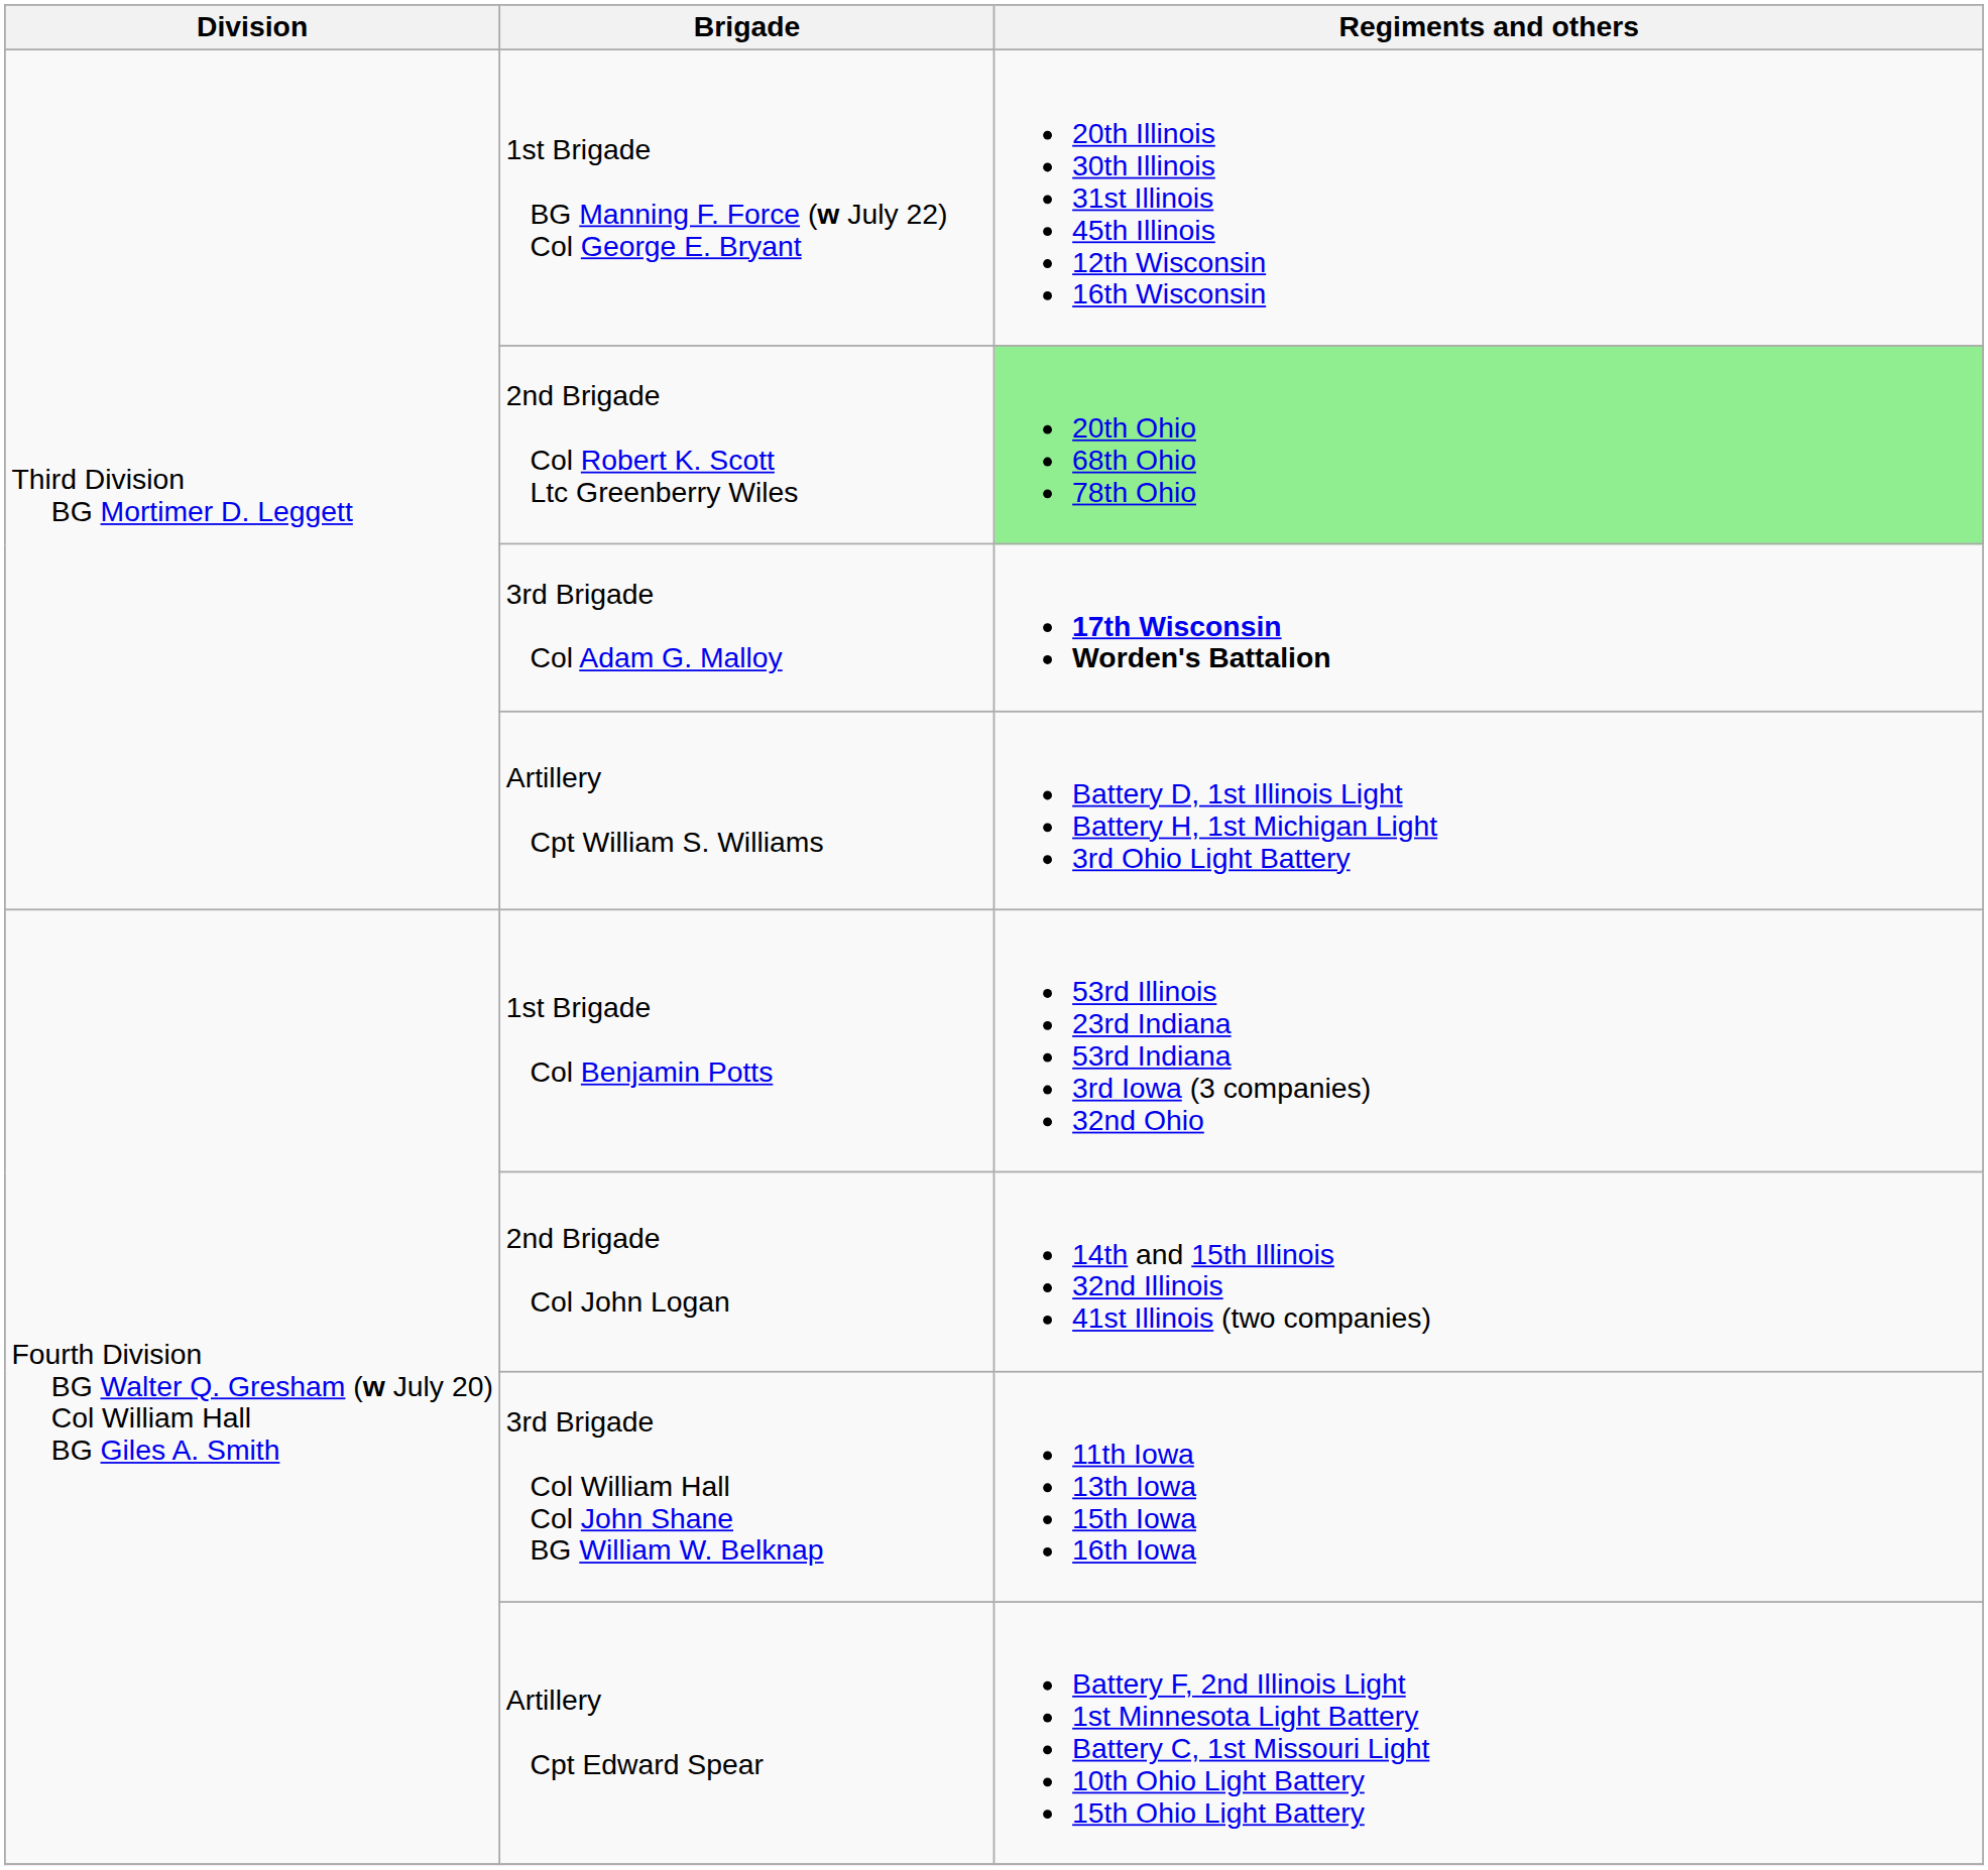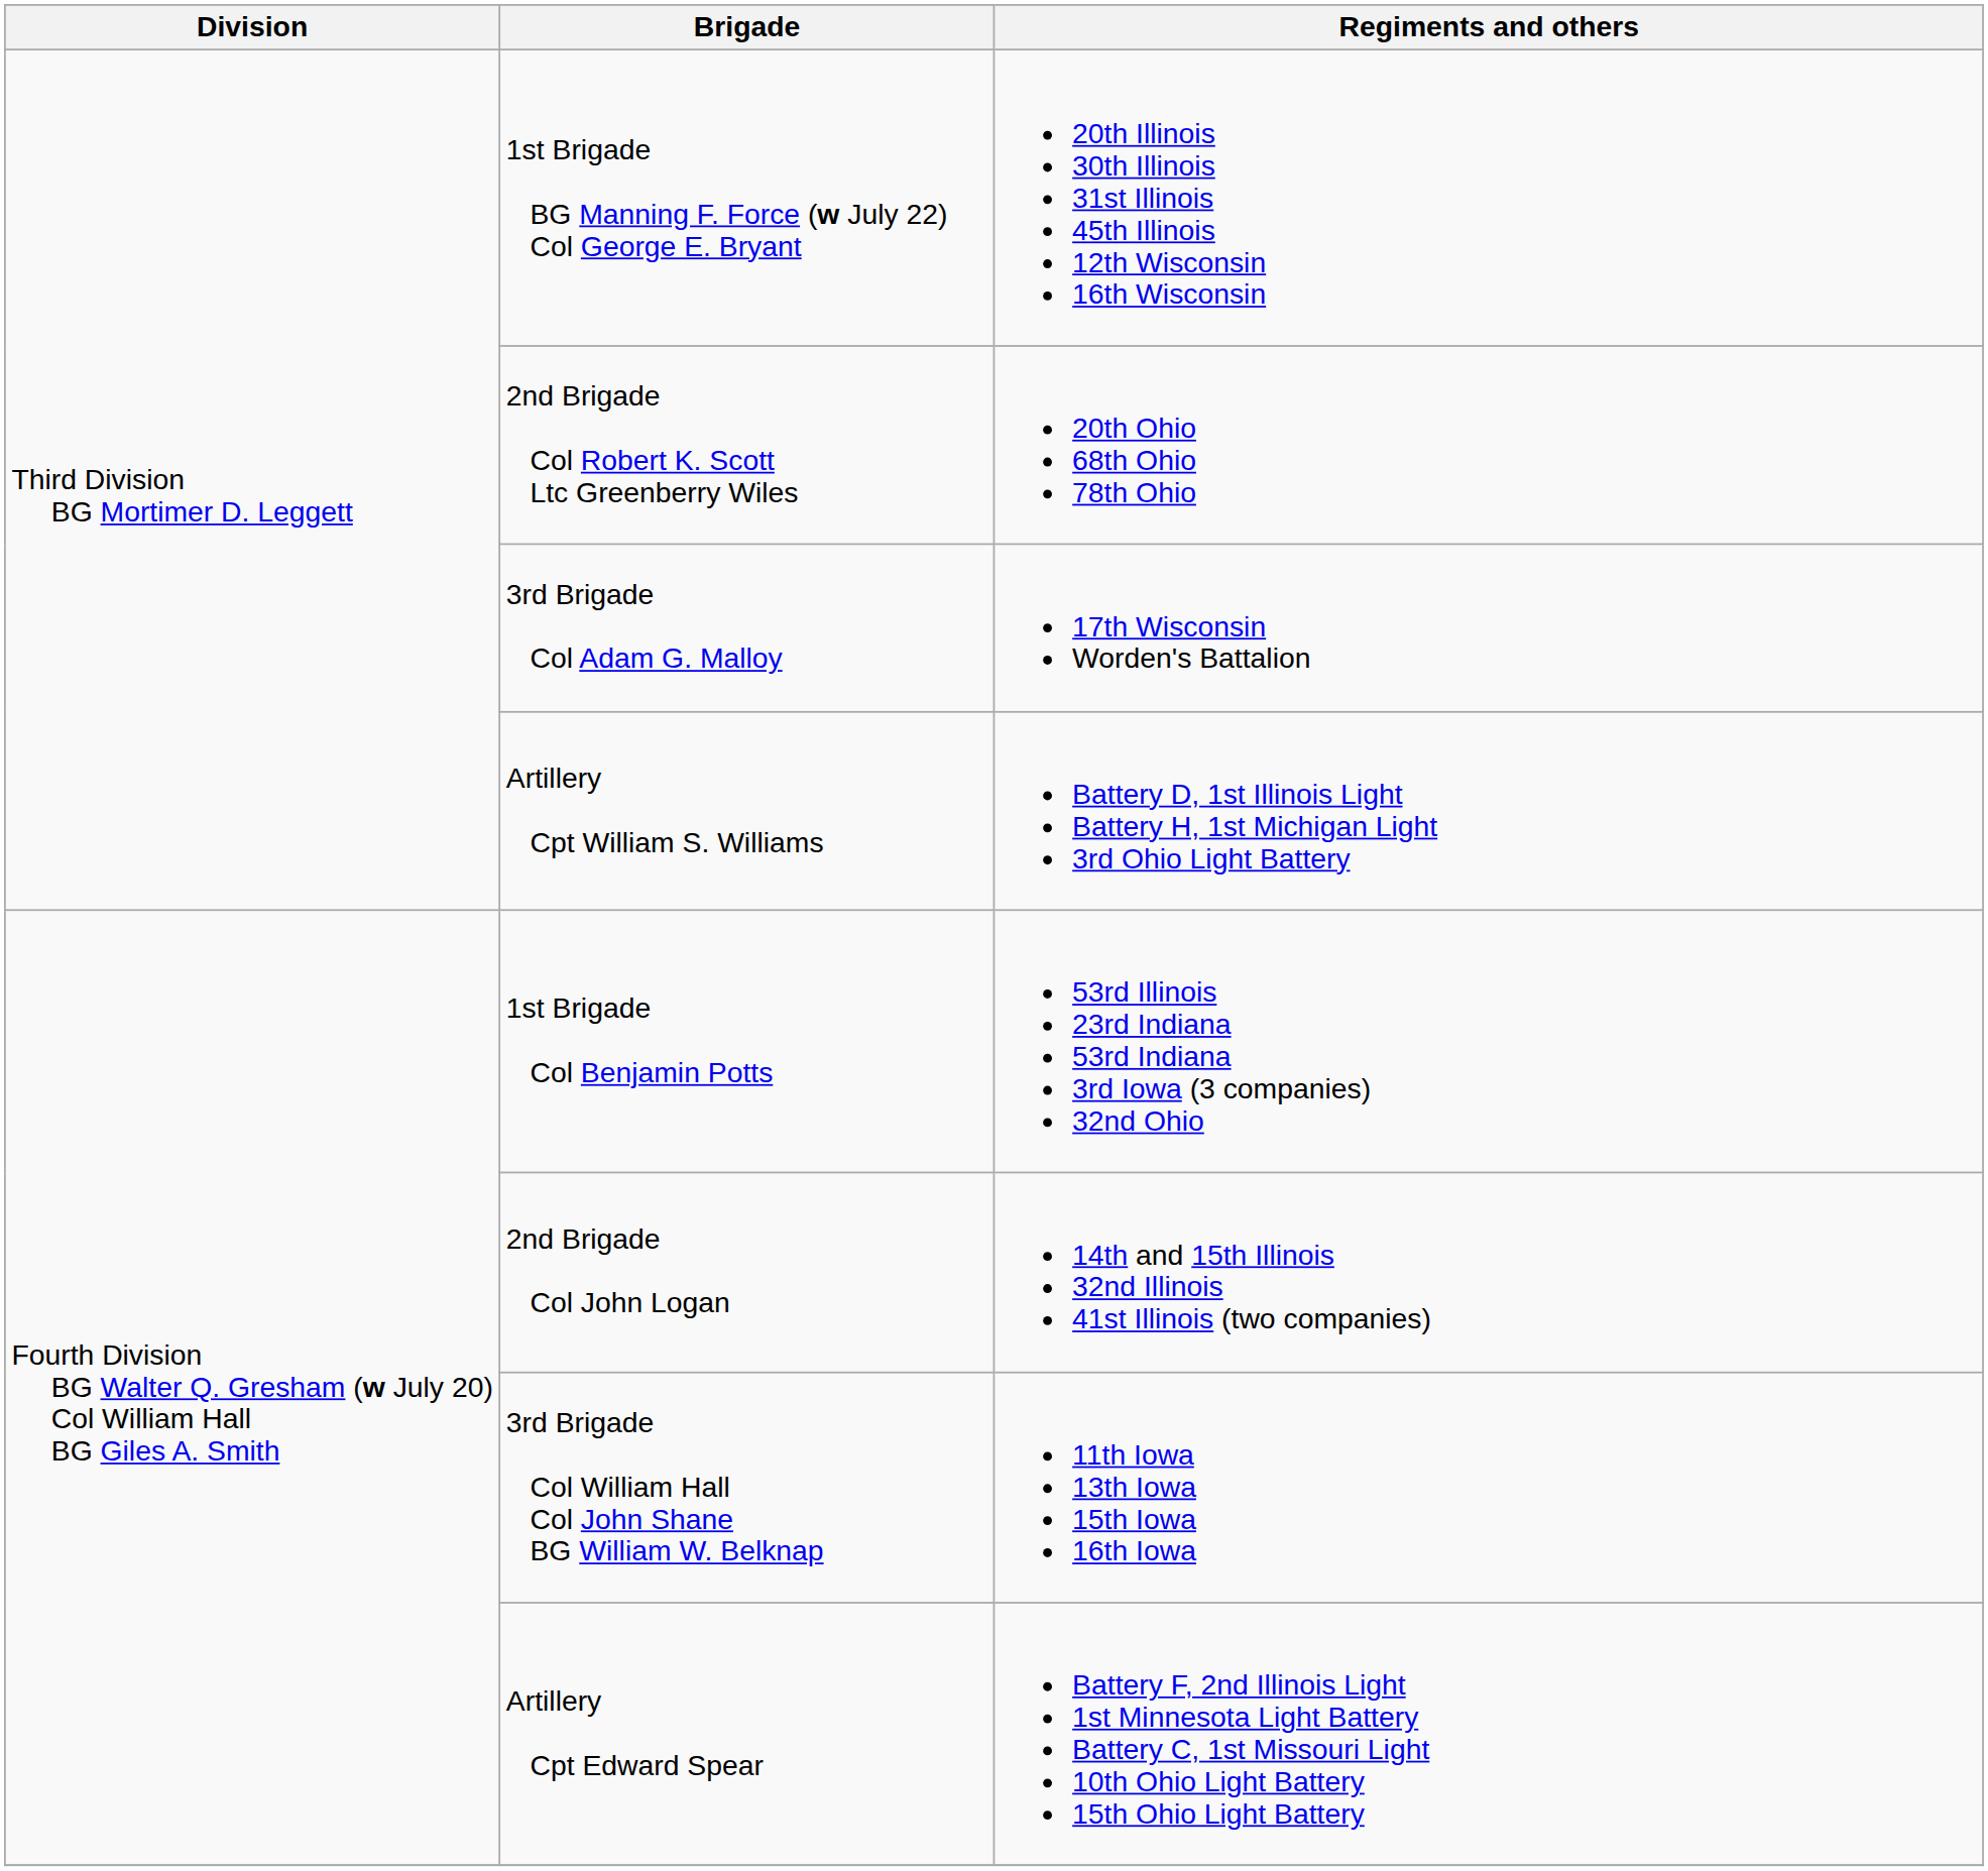 <table class="wikitable">
 <tr>
 <th width=25%>Division</th>
 <th width=25%>Brigade</th>
 <th>Regiments and others</th>
 </tr>
 <tr>
 <td rowspan=4><br>Third Division <br>     BG <a href='#'>Mortimer D. Leggett</a></td>
 <td>1st Brigade<br><br>   BG <a href='#'>Manning F. Force</a> (<strong>w</strong> July 22)<br>   Col <a href='#'>George E. Bryant</a></td>
 <td><br><ul><li><a href='#'>20th Illinois</a></li><li><a href='#'>30th Illinois</a></li><li><a href='#'>31st Illinois</a></li><li><a href='#'>45th Illinois</a></li><li><a href='#'>12th Wisconsin</a></li><li><a href='#'>16th Wisconsin</a></li></ul></td>
 </tr>
 <tr>
 <td>2nd Brigade<br><br>   Col <a href='#'>Robert K. Scott</a><br>   Ltc Greenberry Wiles</td>
-<td style="background: lightgreen;"><br><ul><li><a href='#'>20th Ohio</a></li><li><a href='#'>68th Ohio</a></li><li><a href='#'>78th Ohio</a></li></ul></td>
+<td><br><ul><li><a href='#'>20th Ohio</a></li><li><a href='#'>68th Ohio</a></li><li><a href='#'>78th Ohio</a></li></ul></td>
 </tr>
 <tr>
 <td>3rd Brigade<br><br>   Col <a href='#'>Adam G. Malloy</a></td>
-<td><strong><br><ul><li><a href='#'>17th Wisconsin</a></li><li>Worden's Battalion</li></ul></strong></td>
+<td><br><ul><li><a href='#'>17th Wisconsin</a></li><li>Worden's Battalion</li></ul></td>
 </tr>
 <tr>
 <td>Artillery<br><br>   Cpt William S. Williams</td>
 <td><br><ul><li><a href='#'>Battery D, 1st Illinois Light</a></li><li><a href='#'>Battery H, 1st Michigan Light</a></li><li><a href='#'>3rd Ohio Light Battery</a></li></ul></td>
 </tr>
 <tr>
 <td rowspan=4><br>Fourth Division <br>     BG <a href='#'>Walter Q. Gresham</a> (<strong>w</strong> July 20)<br>     Col William Hall<br>     BG <a href='#'>Giles A. Smith</a></td>
 <td>1st Brigade<br><br>   Col <a href='#'>Benjamin Potts</a></td>
 <td><br><ul><li><a href='#'>53rd Illinois</a></li><li><a href='#'>23rd Indiana</a></li><li><a href='#'>53rd Indiana</a></li><li><a href='#'>3rd Iowa</a> (3 companies)</li><li><a href='#'>32nd Ohio</a></li></ul></td>
 </tr>
 <tr>
 <td>2nd Brigade<br><br>   Col John Logan</td>
 <td><br><ul><li><a href='#'>14th</a> and <a href='#'>15th Illinois</a></li><li><a href='#'>32nd Illinois</a></li><li><a href='#'>41st Illinois</a> (two companies)</li></ul></td>
 </tr>
 <tr>
 <td>3rd Brigade<br><br>   Col William Hall<br>   Col <a href='#'>John Shane</a><br>   BG <a href='#'>William W. Belknap</a></td>
 <td><br><ul><li><a href='#'>11th Iowa</a></li><li><a href='#'>13th Iowa</a></li><li><a href='#'>15th Iowa</a></li><li><a href='#'>16th Iowa</a></li></ul></td>
 </tr>
 <tr>
 <td>Artillery<br><br>   Cpt Edward Spear</td>
 <td><br><ul><li><a href='#'>Battery F, 2nd Illinois Light</a></li><li><a href='#'>1st Minnesota Light Battery</a></li><li><a href='#'>Battery C, 1st Missouri Light</a></li><li><a href='#'>10th Ohio Light Battery</a></li><li><a href='#'>15th Ohio Light Battery</a></li></ul></td>
 </tr>
 <tr>
 </tr>
 </table>
